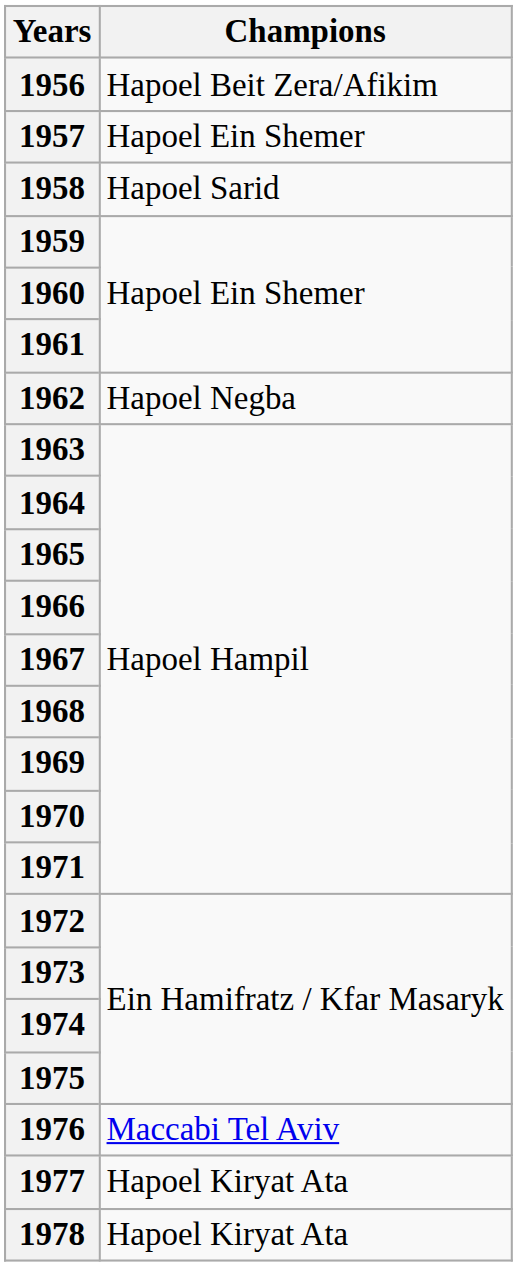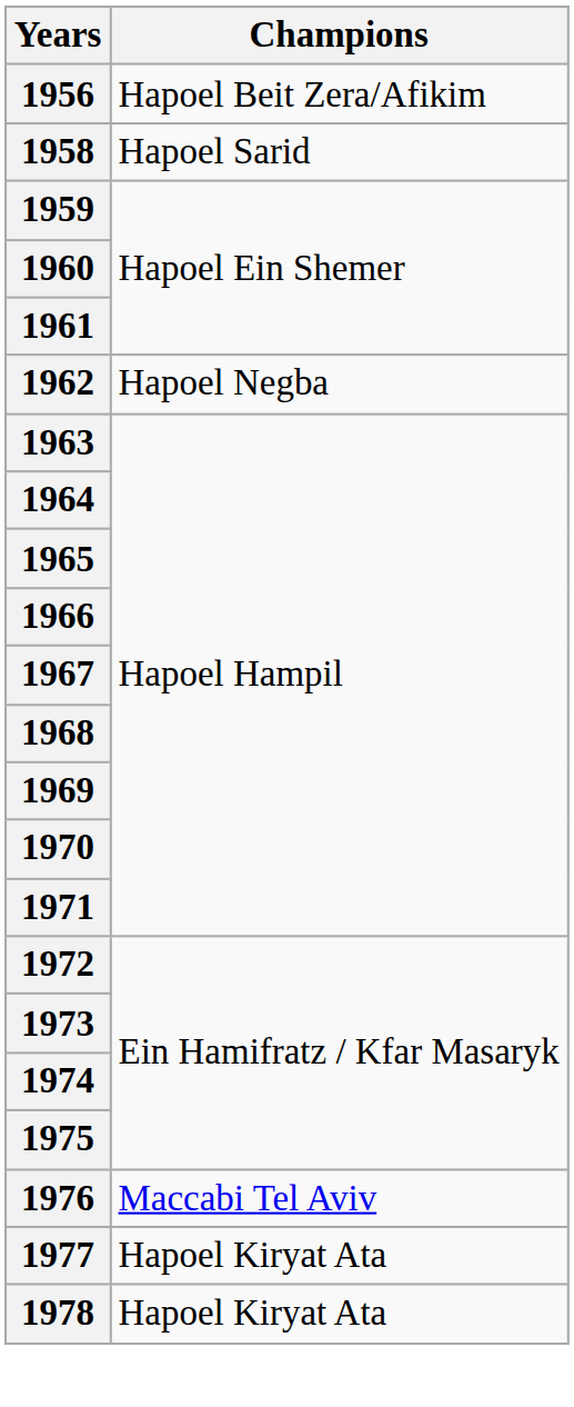 <table class="wikitable" style="display:inline-table;">
 <tr>
 <th>Years</th>
 <th>Champions</th>
 </tr>
 <tr>
 <th>1956</th>
 <td>Hapoel Beit Zera/Afikim</td>
-</tr>
-<tr>
-<th>1957</th>
-<td>Hapoel Ein Shemer</td>
 </tr>
 <tr>
 <th>1958</th>
 <td>Hapoel Sarid</td>
 </tr>
 <tr>
 <th>1959</th>
 <td rowspan=3>Hapoel Ein Shemer</td>
 </tr>
 <tr>
 <th>1960</th>
 </tr>
 <tr>
 <th>1961</th>
 </tr>
 <tr>
 <th>1962</th>
 <td>Hapoel Negba</td>
 </tr>
 <tr>
 <th>1963</th>
 <td rowspan=9>Hapoel Hampil</td>
 </tr>
 <tr>
 <th>1964</th>
 </tr>
 <tr>
 <th>1965</th>
 </tr>
 <tr>
 <th>1966</th>
 </tr>
 <tr>
 <th>1967</th>
 </tr>
 <tr>
 <th>1968</th>
 </tr>
 <tr>
 <th>1969</th>
 </tr>
 <tr>
 <th>1970</th>
 </tr>
 <tr>
 <th>1971</th>
 </tr>
 <tr>
 <th>1972</th>
 <td rowspan=4>Ein Hamifratz / Kfar Masaryk</td>
 </tr>
 <tr>
 <th>1973</th>
 </tr>
 <tr>
 <th>1974</th>
 </tr>
 <tr>
 <th>1975</th>
 </tr>
 <tr>
 <th>1976</th>
 <td><a href='#'>Maccabi Tel Aviv</a></td>
 </tr>
 <tr>
 <th>1977</th>
 <td>Hapoel Kiryat Ata</td>
 </tr>
 <tr>
 <th>1978</th>
 <td>Hapoel Kiryat Ata</td>
 </tr>
 </table>
